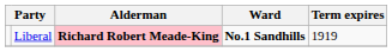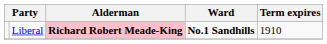 <table class="wikitable">
 <tr>
 <th colspan="2">Party</th>
 <th>Alderman</th>
 <th>Ward</th>
 <th>Term expires</th>
 </tr>
 <tr>
 <td style="background-color:"></td>
 <td><a href='#'>Liberal</a></td>
 <td style="background: pink;"><strong>Richard Robert Meade-King</strong></td>
 <td><strong>No.1 Sandhills</strong></td>
-<td>1919</td>
+<td>1910</td>
 </tr>
 <tr>
 </tr>
 </table>
